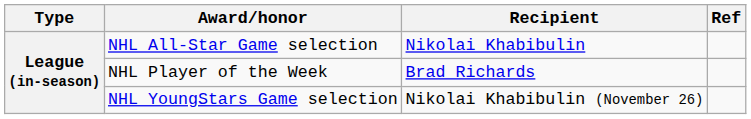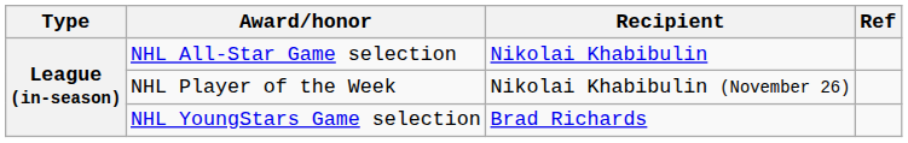 <table class="wikitable">
 <tr>
 <th scope="col">Type</th>
 <th scope="col">Award/honor</th>
 <th scope="col">Recipient</th>
 <th scope="col">Ref</th>
 </tr>
 <tr>
 <th scope="row" rowspan="3">League<br><small>(in-season)</small></th>
 <td><a href='#'>NHL All-Star Game</a> selection</td>
 <td><a href='#'>Nikolai Khabibulin</a></td>
 <td></td>
 </tr>
 <tr>
 <td>NHL Player of the Week</td>
-<td><a href='#'>Brad Richards</a></td>
+<td>Nikolai Khabibulin <small>(November 26)</small></td>
 <td></td>
 </tr>
 <tr>
 <td><a href='#'>NHL YoungStars Game</a> selection</td>
-<td>Nikolai Khabibulin <small>(November 26)</small></td>
+<td><a href='#'>Brad Richards</a></td>
 <td></td>
 </tr>
 </table>
